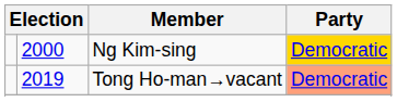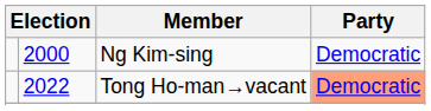 <table class="wikitable">
 <tr>
 <th colspan="2">Election</th>
 <th>Member</th>
 <th>Party</th>
 </tr>
 <tr>
 <td style="background-color: "></td>
 <td><a href='#'>2000</a></td>
 <td>Ng Kim-sing</td>
-<td style="background: gold;"><a href='#'>Democratic</a></td>
+<td><a href='#'>Democratic</a></td>
 </tr>
 <tr>
 <td style="background-color: "></td>
-<td><a href='#'>2019</a></td>
+<td><a href='#'>2022</a></td>
 <td>Tong Ho-man→vacant</td>
 <td style="background: lightsalmon;"><a href='#'>Democratic</a></td>
 </tr>
 <tr>
 </tr>
 <tr>
 </tr>
 </table>
